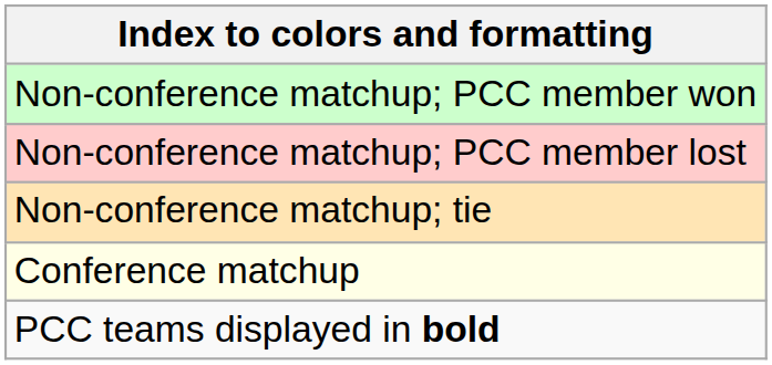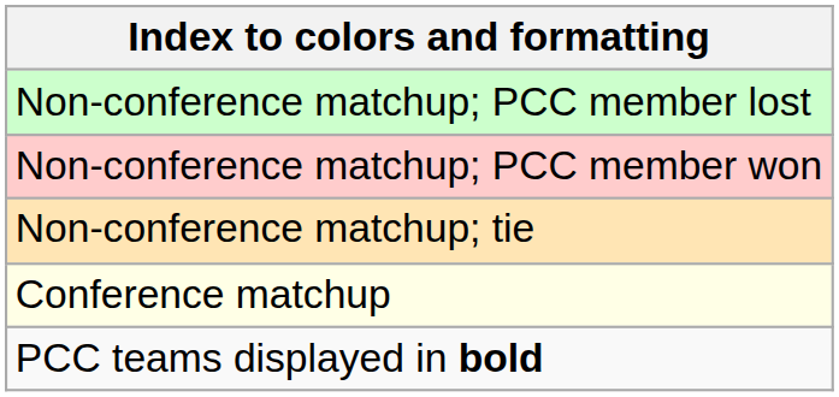 <table class="wikitable">
 <tr>
 <th>Index to colors and formatting</th>
 </tr>
 <tr bgcolor=#ccffcc>
-<td>Non-conference matchup; PCC member won</td>
+<td>Non-conference matchup; PCC member lost</td>
 </tr>
 <tr bgcolor=#ffcccc>
-<td>Non-conference matchup; PCC member lost</td>
+<td>Non-conference matchup; PCC member won</td>
 </tr>
 <tr bgcolor=#FFE5B4>
 <td>Non-conference matchup; tie</td>
 </tr>
 <tr bgcolor=#ffffe6>
 <td>Conference matchup</td>
 </tr>
 <tr>
 <td>PCC teams displayed in <strong>bold</strong></td>
 </tr>
 </table>
